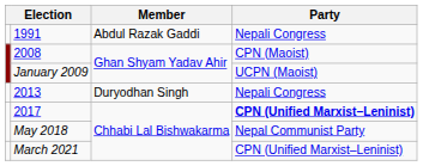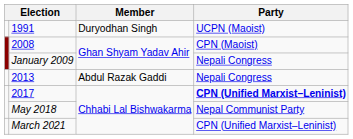 <table class="wikitable">
 <tr>
 <th colspan="2">Election</th>
 <th>Member</th>
 <th>Party</th>
 </tr>
 <tr>
 <td style="background-color:"></td>
 <td><a href='#'>1991</a></td>
-<td>Abdul Razak Gaddi</td>
-<td><a href='#'>Nepali Congress</a></td>
+<td>Duryodhan Singh</td>
+<td><a href='#'>UCPN (Maoist)</a></td>
 </tr>
 <tr>
 <td rowspan="2" style="background-color:darkred"></td>
 <td><a href='#'>2008</a></td>
 <td rowspan="2"><a href='#'>Ghan Shyam Yadav Ahir</a></td>
 <td><a href='#'>CPN (Maoist)</a></td>
 </tr>
 <tr>
 <td><em>January 2009</em></td>
-<td><a href='#'>UCPN (Maoist)</a></td>
+<td><a href='#'>Nepali Congress</a></td>
 </tr>
 <tr>
 <td style="background-color:"></td>
 <td><a href='#'>2013</a></td>
-<td>Duryodhan Singh</td>
+<td>Abdul Razak Gaddi</td>
 <td><a href='#'>Nepali Congress</a></td>
 </tr>
 <tr>
 <td rowspan="2" style="background-color:"></td>
 <td><a href='#'>2017</a></td>
 <td rowspan="3"><a href='#'>Chhabi Lal Bishwakarma</a></td>
 <td><strong><a href='#'>CPN (Unified Marxist–Leninist)</a></strong></td>
 </tr>
 <tr>
 <td><em>May 2018</em></td>
 <td><a href='#'>Nepal Communist Party</a></td>
 </tr>
 <tr>
 <td></td>
 <td><em>March 2021</em></td>
 <td><a href='#'>CPN (Unified Marxist–Leninist)</a></td>
 </tr>
 </table>
